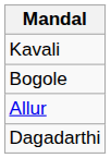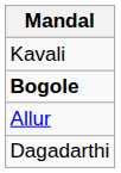 <table class="wikitable sortable static-row-numbers static-row-header-hash">
 <tr>
 <th>Mandal</th>
 </tr>
 <tr>
 <td>Kavali</td>
 </tr>
 <tr>
-<td>Bogole</td>
+<td><strong>Bogole</strong></td>
 </tr>
 <tr>
 <td><a href='#'>Allur</a></td>
 </tr>
 <tr>
 <td>Dagadarthi</td>
 </tr>
 </table>
